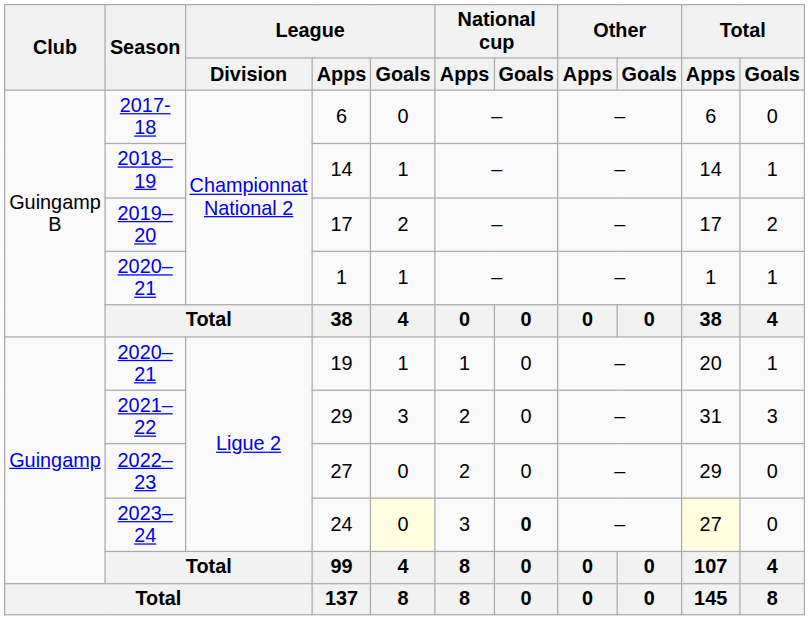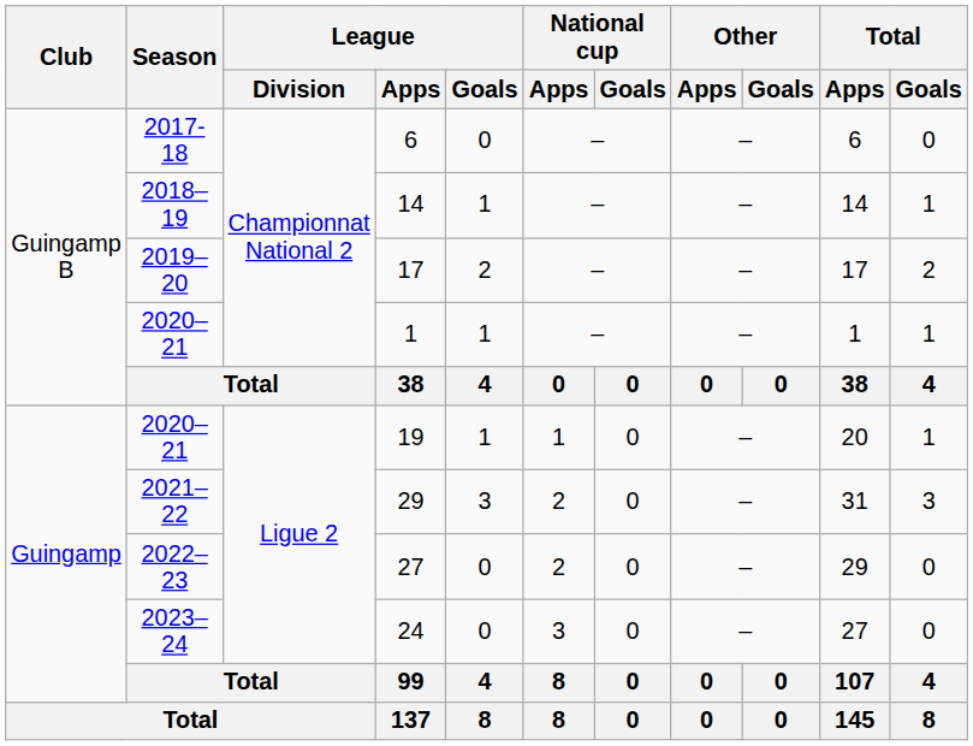 <table class="wikitable" style="text-align:center">
 <tr>
 <th rowspan="2">Club</th>
 <th rowspan="2">Season</th>
 <th colspan="3">League</th>
 <th colspan="2">National cup</th>
 <th colspan="2">Other</th>
 <th colspan="2">Total</th>
 </tr>
 <tr>
 <th>Division</th>
 <th>Apps</th>
 <th>Goals</th>
 <th>Apps</th>
 <th>Goals</th>
 <th>Apps</th>
 <th>Goals</th>
 <th>Apps</th>
 <th>Goals</th>
 </tr>
 <tr>
 <td rowspan="5">Guingamp B</td>
 <td><a href='#'>2017-18</a></td>
 <td rowspan="4"><a href='#'>Championnat National 2</a></td>
 <td>6</td>
 <td>0</td>
 <td colspan="2">–</td>
 <td colspan="2">–</td>
 <td>6</td>
 <td>0</td>
 </tr>
 <tr>
 <td><a href='#'>2018–19</a></td>
 <td>14</td>
 <td>1</td>
 <td colspan="2">–</td>
 <td colspan="2">–</td>
 <td>14</td>
 <td>1</td>
 </tr>
 <tr>
 <td><a href='#'>2019–20</a></td>
 <td>17</td>
 <td>2</td>
 <td colspan="2">–</td>
 <td colspan="2">–</td>
 <td>17</td>
 <td>2</td>
 </tr>
 <tr>
 <td><a href='#'>2020–21</a></td>
 <td>1</td>
 <td>1</td>
 <td colspan="2">–</td>
 <td colspan="2">–</td>
 <td>1</td>
 <td>1</td>
 </tr>
 <tr>
 <th colspan="2">Total</th>
 <th>38</th>
 <th>4</th>
 <th>0</th>
 <th>0</th>
 <th>0</th>
 <th>0</th>
 <th>38</th>
 <th>4</th>
 </tr>
 <tr>
 <td rowspan="5"><a href='#'>Guingamp</a></td>
 <td><a href='#'>2020–21</a></td>
 <td rowspan="4"><a href='#'>Ligue 2</a></td>
 <td>19</td>
 <td>1</td>
 <td>1</td>
 <td>0</td>
 <td colspan="2">–</td>
 <td>20</td>
 <td>1</td>
 </tr>
 <tr>
 <td><a href='#'>2021–22</a></td>
 <td>29</td>
 <td>3</td>
 <td>2</td>
 <td>0</td>
 <td colspan="2">–</td>
 <td>31</td>
 <td>3</td>
 </tr>
 <tr>
 <td><a href='#'>2022–23</a></td>
 <td>27</td>
 <td>0</td>
 <td>2</td>
 <td>0</td>
 <td colspan="2">–</td>
 <td>29</td>
 <td>0</td>
 </tr>
 <tr>
 <td><a href='#'>2023–24</a></td>
 <td>24</td>
-<td style="background: lightyellow;">0</td>
+<td>0</td>
 <td>3</td>
-<td><strong>0</strong></td>
+<td>0</td>
 <td colspan="2">–</td>
-<td style="background: lightyellow;">27</td>
+<td>27</td>
 <td>0</td>
 </tr>
 <tr>
 <th colspan="2">Total</th>
 <th>99</th>
 <th>4</th>
 <th>8</th>
 <th>0</th>
 <th>0</th>
 <th>0</th>
 <th>107</th>
 <th>4</th>
 </tr>
 <tr>
 <th colspan="3">Total</th>
 <th>137</th>
 <th>8</th>
 <th>8</th>
 <th>0</th>
 <th>0</th>
 <th>0</th>
 <th>145</th>
 <th>8</th>
 </tr>
 </table>
